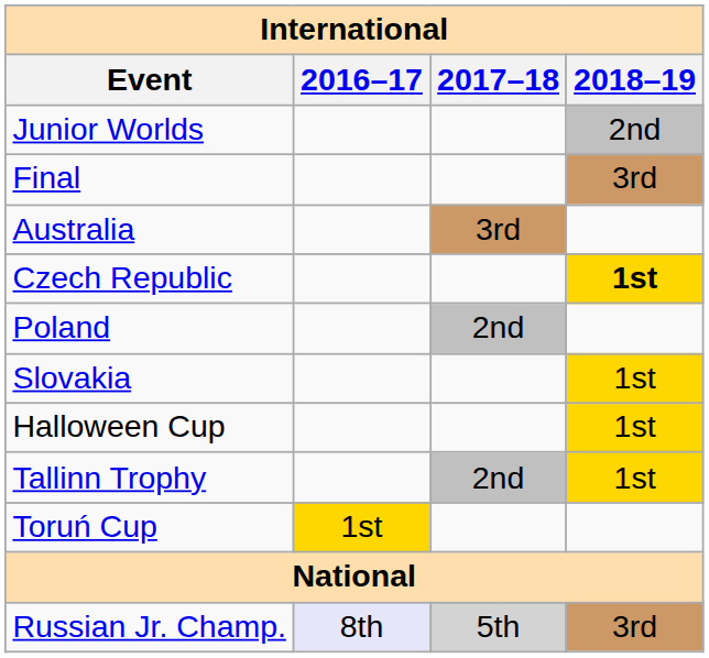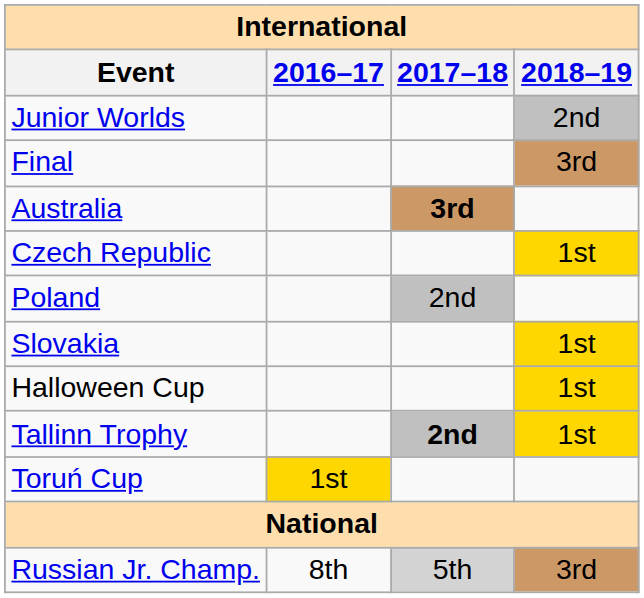 <table class="wikitable" style="text-align:center">
 <tr>
 <th style="background-color: #ffdead; " colspan=4 align=center>International</th>
 </tr>
 <tr>
 <th>Event</th>
 <th><a href='#'>2016–17</a></th>
 <th><a href='#'>2017–18</a></th>
 <th><a href='#'>2018–19</a></th>
 </tr>
 <tr>
 <td align=left><a href='#'>Junior Worlds</a></td>
 <td></td>
 <td></td>
 <td bgcolor=silver>2nd</td>
 </tr>
 <tr>
 <td align=left> <a href='#'>Final</a></td>
 <td></td>
 <td></td>
 <td bgcolor="#cc9966">3rd</td>
 </tr>
 <tr>
 <td align=left> <a href='#'>Australia</a></td>
 <td></td>
-<td bgcolor="#cc9966">3rd</td>
+<td bgcolor="#cc9966"><strong>3rd</strong></td>
 <td></td>
 </tr>
 <tr>
 <td align=left> <a href='#'>Czech Republic</a></td>
 <td></td>
 <td></td>
-<td bgcolor=gold><strong>1st</strong></td>
+<td bgcolor=gold>1st</td>
 </tr>
 <tr>
 <td align=left> <a href='#'>Poland</a></td>
 <td></td>
 <td bgcolor=silver>2nd</td>
 <td></td>
 </tr>
 <tr>
 <td align=left> <a href='#'>Slovakia</a></td>
 <td></td>
 <td></td>
 <td bgcolor=gold>1st</td>
 </tr>
 <tr>
 <td align=left>Halloween Cup</td>
 <td></td>
 <td></td>
 <td bgcolor=gold>1st</td>
 </tr>
 <tr>
 <td align=left><a href='#'>Tallinn Trophy</a></td>
 <td></td>
-<td bgcolor=silver>2nd</td>
+<td bgcolor=silver><strong>2nd</strong></td>
 <td bgcolor=gold>1st</td>
 </tr>
 <tr>
 <td align=left><a href='#'>Toruń Cup</a></td>
 <td bgcolor=gold>1st</td>
 <td></td>
 <td></td>
 </tr>
 <tr>
 <th style="background-color: #ffdead; " colspan=6 align=center>National</th>
 </tr>
 <tr>
 <td align=left><a href='#'>Russian Jr. Champ.</a></td>
-<td style="background: lavender;">8th</td>
+<td>8th</td>
 <td style="background: lightgrey;">5th</td>
 <td bgcolor="#cc9966">3rd</td>
 </tr>
 </table>
